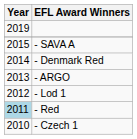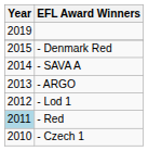 <table class="wikitable sortable">
 <tr>
 <th>Year</th>
 <th>EFL Award Winners</th>
 </tr>
 <tr>
 <td>2019</td>
 <td></td>
 </tr>
 <tr>
 </tr>
 <tr>
 <td>2015</td>
-<td> - SAVA A</td>
+<td> - Denmark Red</td>
 </tr>
 <tr>
 <td>2014</td>
-<td> - Denmark Red</td>
+<td> - SAVA A</td>
 </tr>
 <tr>
 <td>2013</td>
 <td> - ARGO</td>
 </tr>
 <tr>
 <td>2012</td>
 <td> - Lod 1</td>
 </tr>
 <tr>
 <td style="background: lightblue;">2011</td>
 <td> - Red</td>
 </tr>
 <tr>
 <td>2010</td>
 <td> - Czech 1</td>
 </tr>
 </table>
